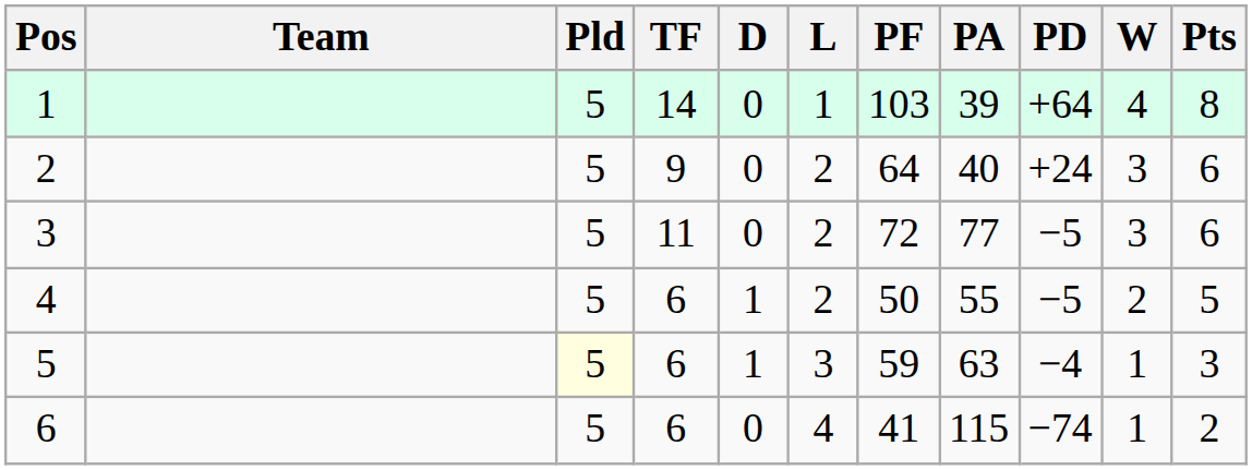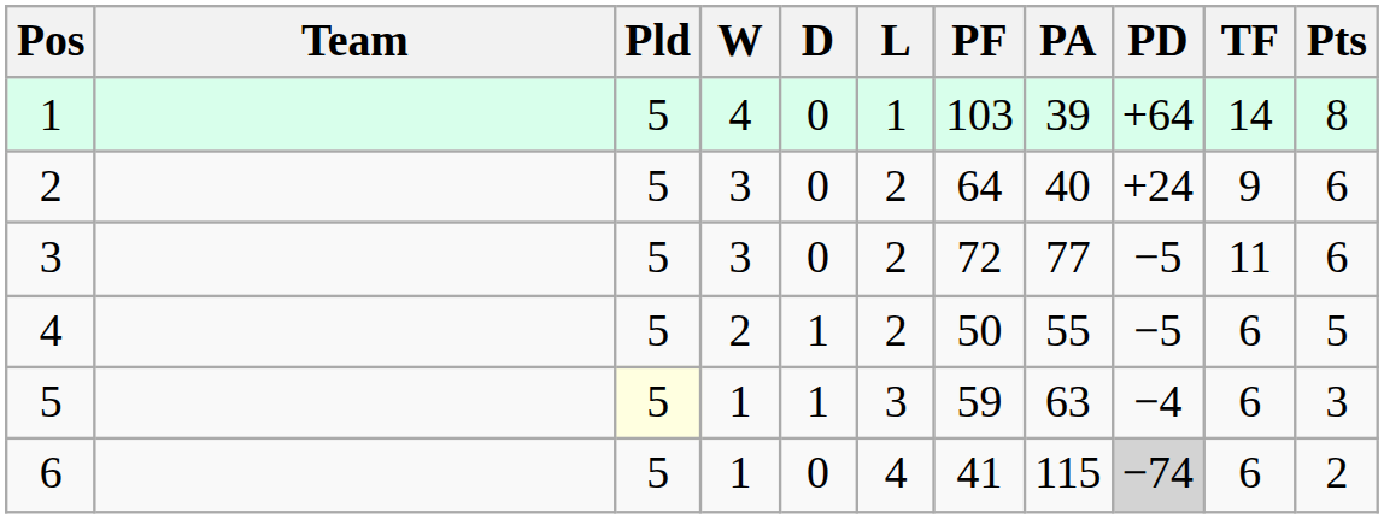 <table class="wikitable" style="text-align:center">
 <tr>
 <th width=20 abbr="Position">Pos</th>
 <th width=175>Team</th>
 <th width=20 abbr="Played">Pld</th>
-<th width=25 abbr="Tries for">TF</th>
+<th width=20 abbr="Won">W</th>
 <th width=20 abbr="Drawn">D</th>
 <th width=20 abbr="Lost">L</th>
 <th width=20 abbr="Points for">PF</th>
 <th width=20 abbr="Points against">PA</th>
 <th width=25 abbr="Points difference">PD</th>
-<th width=20 abbr="Won">W</th>
+<th width=25 abbr="Tries for">TF</th>
 <th width=20 abbr="Points">Pts</th>
 </tr>
 <tr style="background:#d8ffeb">
 <td>1</td>
 <td style="text-align:left"></td>
 <td>5</td>
-<td>14</td>
+<td>4</td>
 <td>0</td>
 <td>1</td>
 <td>103</td>
 <td>39</td>
 <td>+64</td>
-<td>4</td>
+<td>14</td>
 <td>8</td>
 </tr>
 <tr>
 <td>2</td>
 <td style="text-align:left"></td>
 <td>5</td>
-<td>9</td>
+<td>3</td>
 <td>0</td>
 <td>2</td>
 <td>64</td>
 <td>40</td>
 <td>+24</td>
-<td>3</td>
+<td>9</td>
 <td>6</td>
 </tr>
 <tr>
 <td>3</td>
 <td style="text-align:left"></td>
 <td>5</td>
-<td>11</td>
+<td>3</td>
 <td>0</td>
 <td>2</td>
 <td>72</td>
 <td>77</td>
 <td>−5</td>
-<td>3</td>
+<td>11</td>
 <td>6</td>
 </tr>
 <tr>
 <td>4</td>
 <td style="text-align:left"></td>
 <td>5</td>
-<td>6</td>
+<td>2</td>
 <td>1</td>
 <td>2</td>
 <td>50</td>
 <td>55</td>
 <td>−5</td>
-<td>2</td>
+<td>6</td>
 <td>5</td>
 </tr>
 <tr>
 <td>5</td>
 <td style="text-align:left"></td>
 <td style="background: lightyellow;">5</td>
-<td>6</td>
+<td>1</td>
 <td>1</td>
 <td>3</td>
 <td>59</td>
 <td>63</td>
 <td>−4</td>
-<td>1</td>
+<td>6</td>
 <td>3</td>
 </tr>
 <tr>
 <td>6</td>
 <td style="text-align:left"></td>
 <td>5</td>
-<td>6</td>
+<td>1</td>
 <td>0</td>
 <td>4</td>
 <td>41</td>
 <td>115</td>
-<td>−74</td>
-<td>1</td>
+<td style="background: lightgrey;">−74</td>
+<td>6</td>
 <td>2</td>
 </tr>
 </table>
